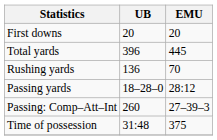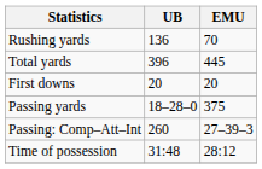 <table class="wikitable" style="float: left;">
 <tr>
 <th>Statistics</th>
 <th>UB</th>
 <th>EMU</th>
 </tr>
 <tr>
-<td>First downs</td>
-<td>20</td>
-<td>20</td>
+<td>Rushing yards</td>
+<td>136</td>
+<td>70</td>
 </tr>
 <tr>
 <td>Total yards</td>
 <td>396</td>
 <td>445</td>
 </tr>
 <tr>
-<td>Rushing yards</td>
-<td>136</td>
-<td>70</td>
+<td>First downs</td>
+<td>20</td>
+<td>20</td>
 </tr>
 <tr>
 <td>Passing yards</td>
 <td>18–28–0</td>
-<td>28:12</td>
+<td>375</td>
 </tr>
 <tr>
 <td>Passing: Comp–Att–Int</td>
 <td>260</td>
 <td>27–39–3</td>
 </tr>
 <tr>
 <td>Time of possession</td>
 <td>31:48</td>
-<td>375</td>
+<td>28:12</td>
 </tr>
 <tr>
 </tr>
 </table>
